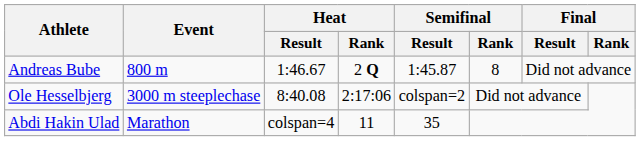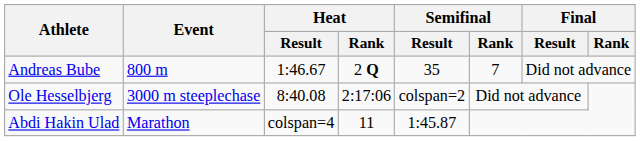 <table class="wikitable" style="font-size:90%">
 <tr>
 <th rowspan="2">Athlete</th>
 <th rowspan="2">Event</th>
 <th colspan="2">Heat</th>
 <th colspan="2">Semifinal</th>
 <th colspan="2">Final</th>
 </tr>
 <tr style="font-size:95%">
 <th>Result</th>
 <th>Rank</th>
 <th>Result</th>
 <th>Rank</th>
 <th>Result</th>
 <th>Rank</th>
 </tr>
 <tr align=center>
 <td align=left><a href='#'>Andreas Bube</a></td>
 <td align=left><a href='#'>800 m</a></td>
 <td>1:46.67</td>
 <td>2 <strong>Q</strong></td>
-<td>1:45.87</td>
-<td>8</td>
+<td>35</td>
+<td>7</td>
 <td colspan=2>Did not advance</td>
 </tr>
 <tr align=center>
 <td align=left><a href='#'>Ole Hesselbjerg</a></td>
 <td align=left><a href='#'>3000 m steeplechase</a></td>
 <td>8:40.08</td>
 <td>2:17:06</td>
 <td>colspan=2 </td>
 <td colspan=2>Did not advance</td>
 </tr>
 <tr align=center>
 <td align=left><a href='#'>Abdi Hakin Ulad</a></td>
 <td align=left><a href='#'>Marathon</a></td>
 <td>colspan=4 </td>
 <td>11</td>
-<td>35</td>
+<td>1:45.87</td>
 </tr>
 </table>
